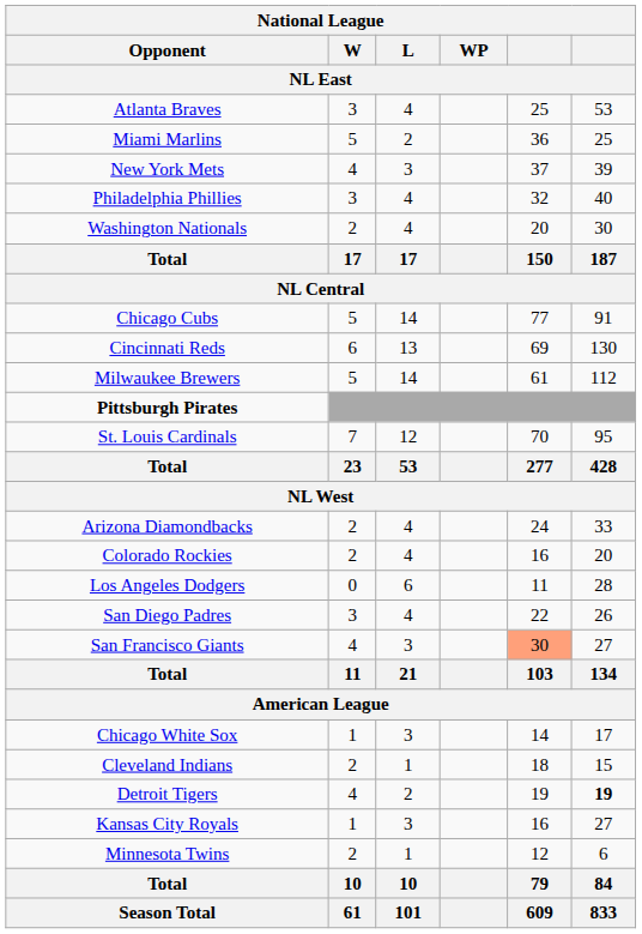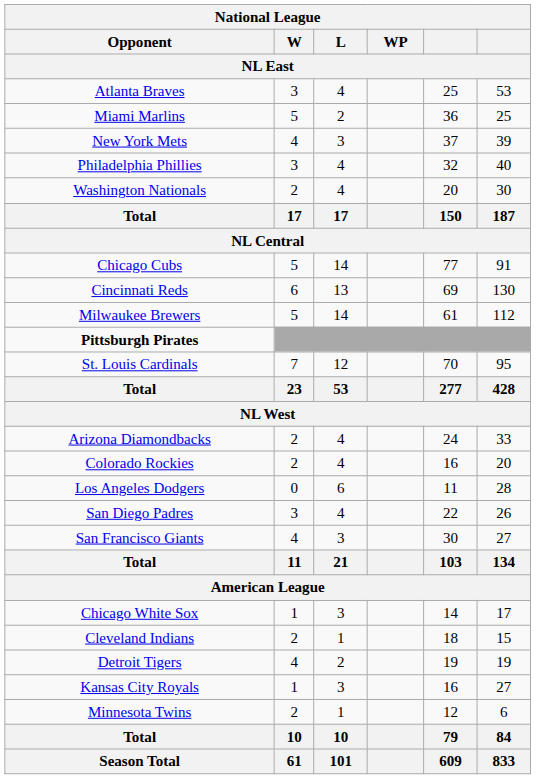 <table class="wikitable" style="margin:1em auto; font-size:95%; text-align:center; width:35em;">
 <tr>
 <th colspan="7">National League</th>
 </tr>
 <tr>
 <th>Opponent</th>
 <th>W</th>
 <th>L</th>
 <th>WP</th>
 <th></th>
 <th></th>
 </tr>
 <tr>
 <th colspan="7">NL East</th>
 </tr>
 <tr>
 <td><a href='#'>Atlanta Braves</a></td>
 <td>3</td>
 <td>4</td>
 <td></td>
 <td>25</td>
 <td>53</td>
 </tr>
 <tr>
 <td><a href='#'>Miami Marlins</a></td>
 <td>5</td>
 <td>2</td>
 <td></td>
 <td>36</td>
 <td>25</td>
 </tr>
 <tr>
 <td><a href='#'>New York Mets</a></td>
 <td>4</td>
 <td>3</td>
 <td></td>
 <td>37</td>
 <td>39</td>
 </tr>
 <tr>
 <td><a href='#'>Philadelphia Phillies</a></td>
 <td>3</td>
 <td>4</td>
 <td></td>
 <td>32</td>
 <td>40</td>
 </tr>
 <tr>
 <td><a href='#'>Washington Nationals</a></td>
 <td>2</td>
 <td>4</td>
 <td></td>
 <td>20</td>
 <td>30</td>
 </tr>
 <tr>
 <th>Total</th>
 <th>17</th>
 <th>17</th>
 <th></th>
 <th>150</th>
 <th>187</th>
 </tr>
 <tr>
 <th colspan="7">NL Central</th>
 </tr>
 <tr>
 <td><a href='#'>Chicago Cubs</a></td>
 <td>5</td>
 <td>14</td>
 <td></td>
 <td>77</td>
 <td>91</td>
 </tr>
 <tr>
 <td><a href='#'>Cincinnati Reds</a></td>
 <td>6</td>
 <td>13</td>
 <td></td>
 <td>69</td>
 <td>130</td>
 </tr>
 <tr>
 <td><a href='#'>Milwaukee Brewers</a></td>
 <td>5</td>
 <td>14</td>
 <td></td>
 <td>61</td>
 <td>112</td>
 </tr>
 <tr>
 <td><strong>Pittsburgh Pirates</strong></td>
 <td colspan=5 style="background:darkgray;"></td>
 </tr>
 <tr>
 <td><a href='#'>St. Louis Cardinals</a></td>
 <td>7</td>
 <td>12</td>
 <td></td>
 <td>70</td>
 <td>95</td>
 </tr>
 <tr>
 <th>Total</th>
 <th>23</th>
 <th>53</th>
 <th></th>
 <th>277</th>
 <th>428</th>
 </tr>
 <tr>
 <th colspan="7">NL West</th>
 </tr>
 <tr>
 <td><a href='#'>Arizona Diamondbacks</a></td>
 <td>2</td>
 <td>4</td>
 <td></td>
 <td>24</td>
 <td>33</td>
 </tr>
 <tr>
 <td><a href='#'>Colorado Rockies</a></td>
 <td>2</td>
 <td>4</td>
 <td></td>
 <td>16</td>
 <td>20</td>
 </tr>
 <tr>
 <td><a href='#'>Los Angeles Dodgers</a></td>
 <td>0</td>
 <td>6</td>
 <td></td>
 <td>11</td>
 <td>28</td>
 </tr>
 <tr>
 <td><a href='#'>San Diego Padres</a></td>
 <td>3</td>
 <td>4</td>
 <td></td>
 <td>22</td>
 <td>26</td>
 </tr>
 <tr>
 <td><a href='#'>San Francisco Giants</a></td>
 <td>4</td>
 <td>3</td>
 <td></td>
-<td style="background: lightsalmon;">30</td>
+<td>30</td>
 <td>27</td>
 </tr>
 <tr>
 <th>Total</th>
 <th>11</th>
 <th>21</th>
 <th></th>
 <th>103</th>
 <th>134</th>
 </tr>
 <tr>
 <th colspan="7">American League</th>
 </tr>
 <tr>
 <td><a href='#'>Chicago White Sox</a></td>
 <td>1</td>
 <td>3</td>
 <td></td>
 <td>14</td>
 <td>17</td>
 </tr>
 <tr>
 <td><a href='#'>Cleveland Indians</a></td>
 <td>2</td>
 <td>1</td>
 <td></td>
 <td>18</td>
 <td>15</td>
 </tr>
 <tr>
 <td><a href='#'>Detroit Tigers</a></td>
 <td>4</td>
 <td>2</td>
 <td></td>
 <td>19</td>
-<td><strong>19</strong></td>
+<td>19</td>
 </tr>
 <tr>
 <td><a href='#'>Kansas City Royals</a></td>
 <td>1</td>
 <td>3</td>
 <td></td>
 <td>16</td>
 <td>27</td>
 </tr>
 <tr>
 <td><a href='#'>Minnesota Twins</a></td>
 <td>2</td>
 <td>1</td>
 <td></td>
 <td>12</td>
 <td>6</td>
 </tr>
 <tr>
 <th>Total</th>
 <th>10</th>
 <th>10</th>
 <th></th>
 <th>79</th>
 <th>84</th>
 </tr>
 <tr>
 <th>Season Total</th>
 <th>61</th>
 <th>101</th>
 <th></th>
 <th>609</th>
 <th>833</th>
 </tr>
 </table>
